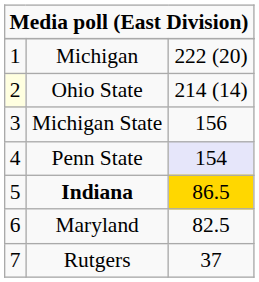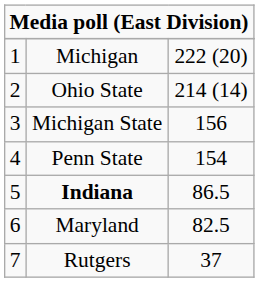 <table class="wikitable" style="display: inline-table;">
 <tr>
 <td align="center" Colspan="3"><strong>Media poll (East Division)</strong></td>
 </tr>
 <tr align="center">
 </tr>
 <tr align="center">
 <td>1</td>
 <td>Michigan</td>
 <td>222 (20)</td>
 </tr>
 <tr align="center">
-<td style="background: lightyellow;">2</td>
+<td>2</td>
 <td>Ohio State</td>
 <td>214 (14)</td>
 </tr>
 <tr align="center">
 <td>3</td>
 <td>Michigan State</td>
 <td>156</td>
 </tr>
 <tr align="center">
 <td>4</td>
 <td>Penn State</td>
-<td style="background: lavender;">154</td>
+<td>154</td>
 </tr>
 <tr align="center">
 <td>5</td>
 <td><strong>Indiana</strong></td>
-<td style="background: gold;">86.5</td>
+<td>86.5</td>
 </tr>
 <tr align="center">
 <td>6</td>
 <td>Maryland</td>
 <td>82.5</td>
 </tr>
 <tr align="center">
 <td>7</td>
 <td>Rutgers</td>
 <td>37</td>
 </tr>
 </table>
